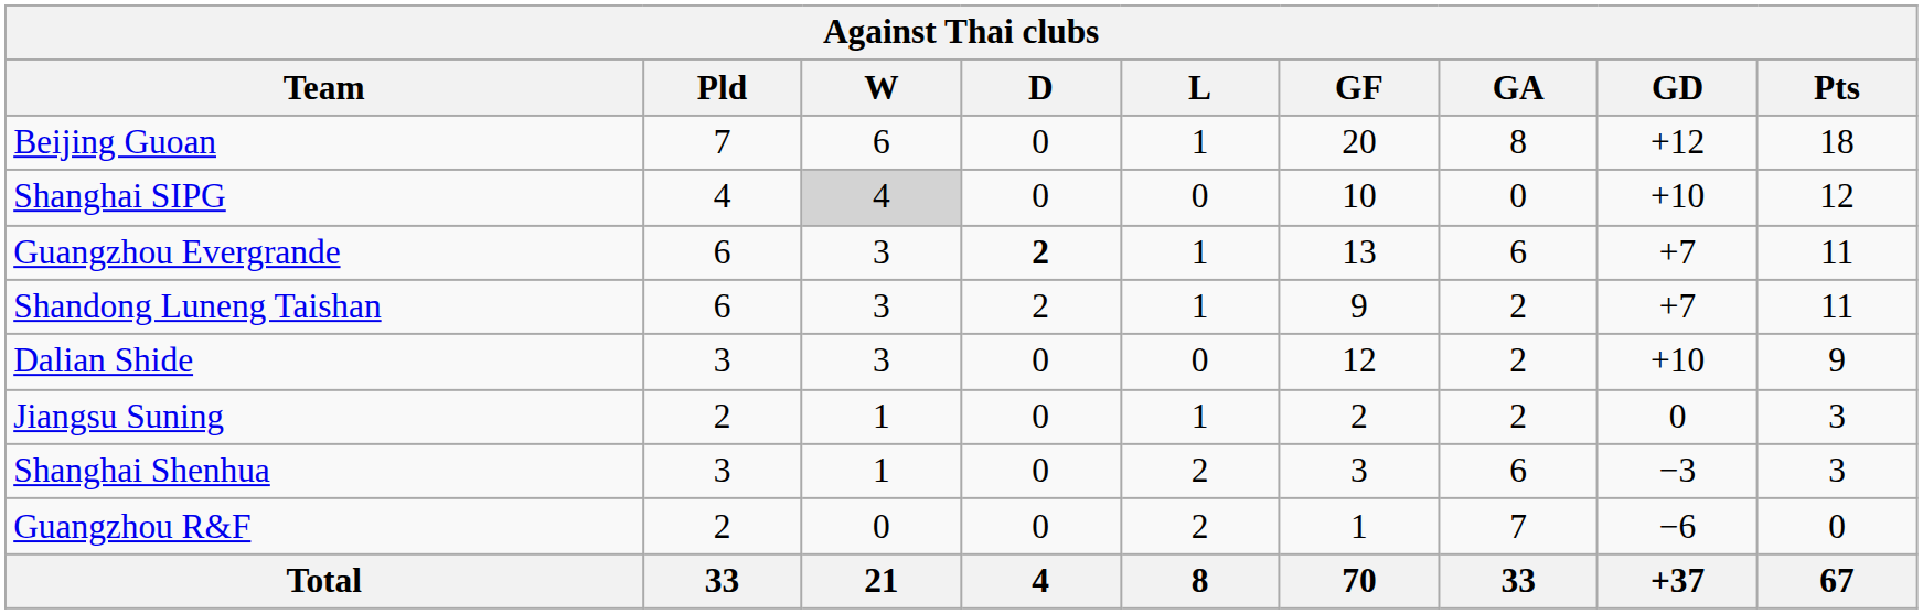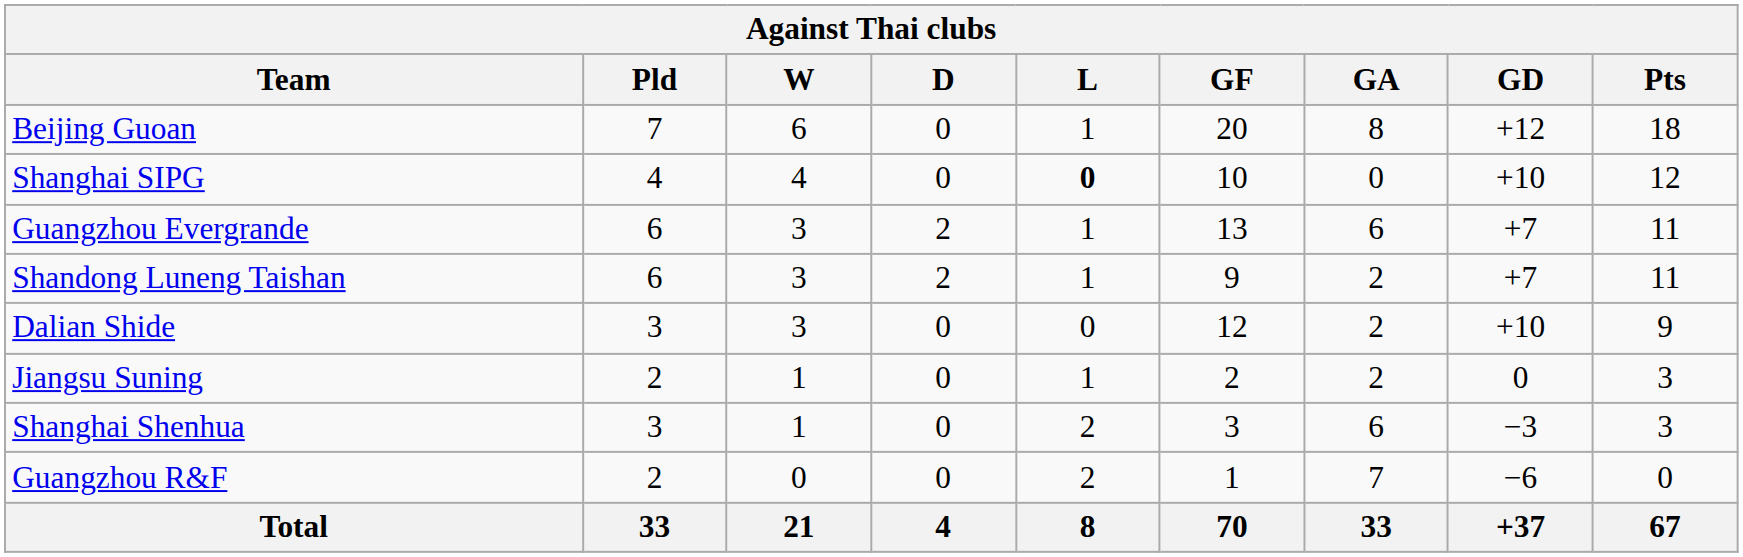 <table width=70% class="wikitable" style="text-align:center">
 <tr>
 <th colspan=9>Against Thai clubs</th>
 </tr>
 <tr>
 <th width=20%>Team</th>
 <th width=5%>Pld</th>
 <th width=5%>W</th>
 <th width=5%>D</th>
 <th width=5%>L</th>
 <th width=5%>GF</th>
 <th width=5%>GA</th>
 <th width=5%>GD</th>
 <th width=5%>Pts</th>
 </tr>
 <tr>
 <td align=left> <a href='#'>Beijing Guoan</a></td>
 <td>7</td>
 <td>6</td>
 <td>0</td>
 <td>1</td>
 <td>20</td>
 <td>8</td>
 <td>+12</td>
 <td>18</td>
 </tr>
 <tr>
 <td align=left> <a href='#'>Shanghai SIPG</a></td>
 <td>4</td>
-<td style="background: lightgrey;">4</td>
+<td>4</td>
 <td>0</td>
-<td>0</td>
+<td><strong>0</strong></td>
 <td>10</td>
 <td>0</td>
 <td>+10</td>
 <td>12</td>
 </tr>
 <tr>
 <td align=left> <a href='#'>Guangzhou Evergrande</a></td>
 <td>6</td>
 <td>3</td>
-<td><strong>2</strong></td>
+<td>2</td>
 <td>1</td>
 <td>13</td>
 <td>6</td>
 <td>+7</td>
 <td>11</td>
 </tr>
 <tr>
 <td align=left> <a href='#'>Shandong Luneng Taishan</a></td>
 <td>6</td>
 <td>3</td>
 <td>2</td>
 <td>1</td>
 <td>9</td>
 <td>2</td>
 <td>+7</td>
 <td>11</td>
 </tr>
 <tr>
 <td align=left> <a href='#'>Dalian Shide</a></td>
 <td>3</td>
 <td>3</td>
 <td>0</td>
 <td>0</td>
 <td>12</td>
 <td>2</td>
 <td>+10</td>
 <td>9</td>
 </tr>
 <tr>
 <td align=left> <a href='#'>Jiangsu Suning</a></td>
 <td>2</td>
 <td>1</td>
 <td>0</td>
 <td>1</td>
 <td>2</td>
 <td>2</td>
 <td>0</td>
 <td>3</td>
 </tr>
 <tr>
 <td align=left> <a href='#'>Shanghai Shenhua</a></td>
 <td>3</td>
 <td>1</td>
 <td>0</td>
 <td>2</td>
 <td>3</td>
 <td>6</td>
 <td>−3</td>
 <td>3</td>
 </tr>
 <tr>
 <td align=left> <a href='#'>Guangzhou R&F</a></td>
 <td>2</td>
 <td>0</td>
 <td>0</td>
 <td>2</td>
 <td>1</td>
 <td>7</td>
 <td>−6</td>
 <td>0</td>
 </tr>
 <tr>
 <th>Total</th>
 <th>33</th>
 <th>21</th>
 <th>4</th>
 <th>8</th>
 <th>70</th>
 <th>33</th>
 <th>+37</th>
 <th>67</th>
 </tr>
 </table>
